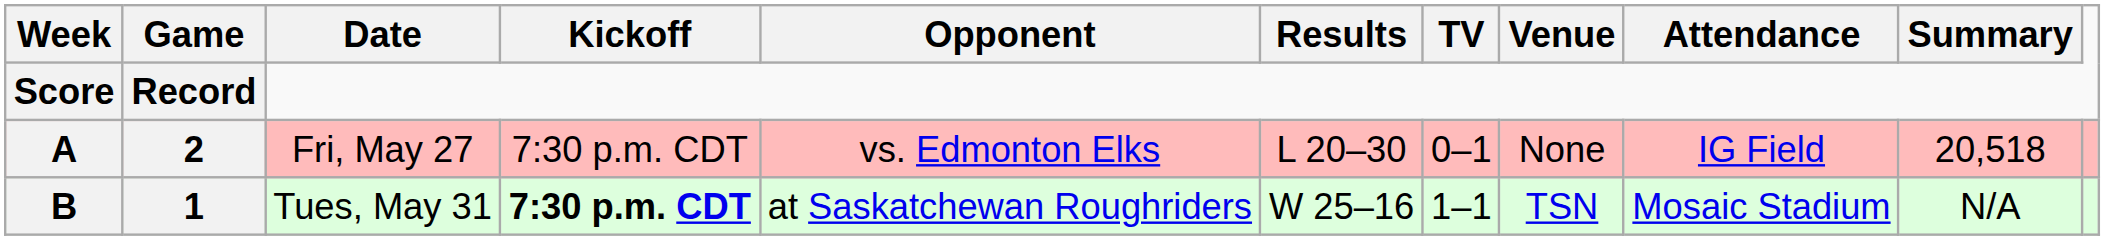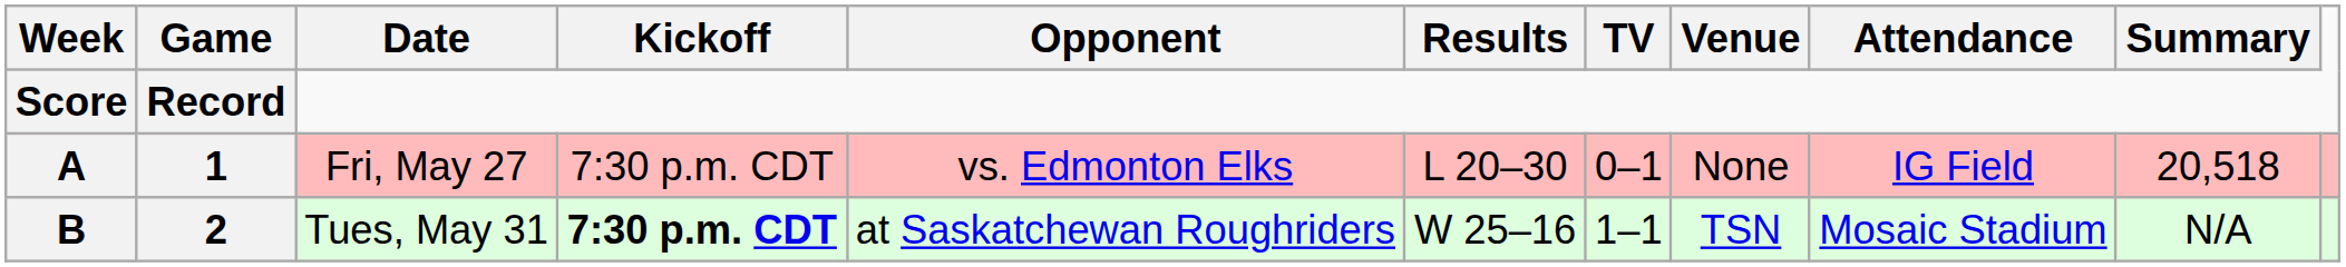 <table class="wikitable" style="font-size: 95%;">
 <tr>
 <th scope="col">Week</th>
 <th scope="col">Game</th>
 <th scope="col">Date</th>
 <th scope="col">Kickoff</th>
 <th scope="col">Opponent</th>
 <th scope="col">Results</th>
 <th scope="col">TV</th>
 <th scope="col">Venue</th>
 <th scope="col">Attendance</th>
 <th scope="col">Summary</th>
 </tr>
 <tr>
 <th scope="col">Score</th>
 <th scope="col">Record</th>
 </tr>
 <tr align="center"= bgcolor="ffbbbb">
 <th align="center">A</th>
-<th align="center">2</th>
+<th align="center">1</th>
 <td align="center">Fri, May 27</td>
 <td align="center">7:30 p.m. CDT</td>
 <td align="center">vs. <a href='#'>Edmonton Elks</a></td>
 <td align="center">L 20–30</td>
 <td align="center">0–1</td>
 <td align="center">None</td>
 <td align="center"><a href='#'>IG Field</a></td>
 <td align="center">20,518</td>
 <td align="center"></td>
 </tr>
 <tr align="center"= bgcolor="ddffdd">
 <th align="center">B</th>
-<th align="center">1</th>
+<th align="center">2</th>
 <td align="center">Tues, May 31</td>
 <td align="center"><strong>7:30 p.m. <a href='#'>CDT</a></strong></td>
 <td align="center">at <a href='#'>Saskatchewan Roughriders</a></td>
 <td align="center">W 25–16</td>
 <td align="center">1–1</td>
 <td align="center"><a href='#'>TSN</a></td>
 <td align="center"><a href='#'>Mosaic Stadium</a></td>
 <td align="center">N/A</td>
 <td align="center"></td>
 </tr>
 </table>
